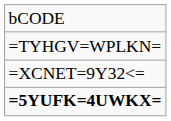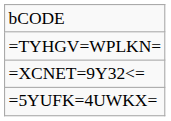 <table class="wikitable">
 <tr>
 <td>bCODE</td>
 </tr>
 <tr>
 <td>=TYHGV=WPLKN=</td>
 </tr>
 <tr>
 <td>=XCNET=9Y32<=</td>
 </tr>
 <tr>
-<td><strong>=5YUFK=4UWKX=</strong></td>
+<td>=5YUFK=4UWKX=</td>
 </tr>
 </table>
